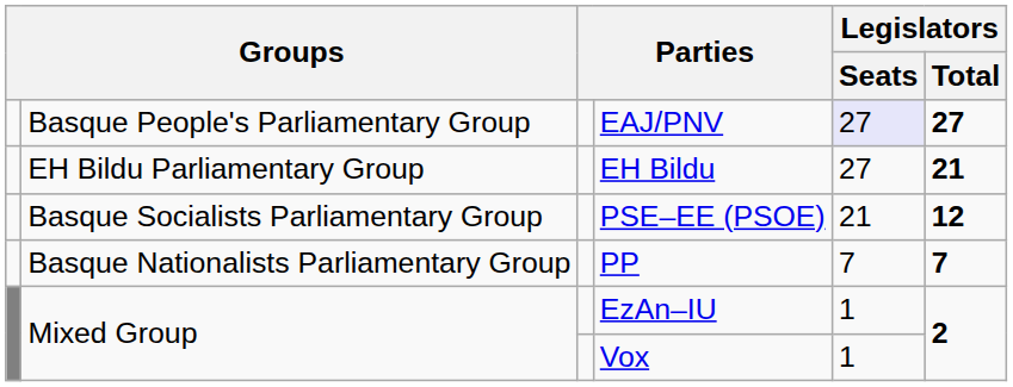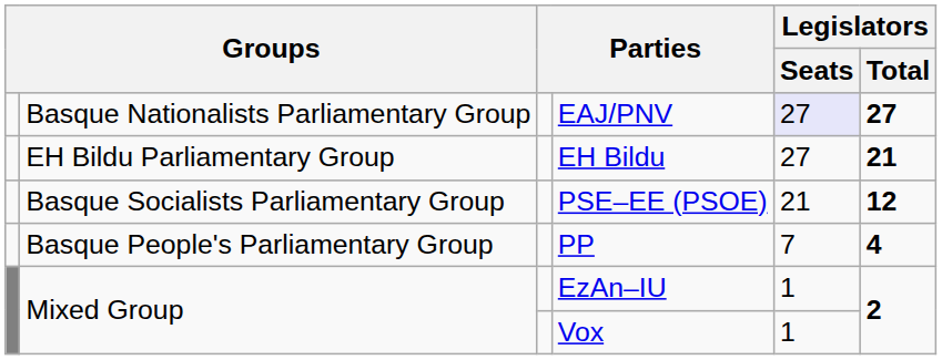 <table class="wikitable" style="text-align:left;">
 <tr>
 <th rowspan="2" colspan="2">Groups</th>
 <th rowspan="2" colspan="2">Parties</th>
 <th colspan="2">Legislators</th>
 </tr>
 <tr>
 <th>Seats</th>
 <th>Total</th>
 </tr>
 <tr>
 <td width="1" style="color:inherit;background:"></td>
-<td>Basque People's Parliamentary Group</td>
+<td>Basque Nationalists Parliamentary Group</td>
 <td width="1" style="color:inherit;background:"></td>
 <td><a href='#'>EAJ/PNV</a></td>
 <td style="background: lavender;">27</td>
 <td><strong>27</strong></td>
 </tr>
 <tr>
 <td style="color:inherit;background:"></td>
 <td>EH Bildu Parliamentary Group</td>
 <td style="color:inherit;background:"></td>
 <td><a href='#'>EH Bildu</a></td>
 <td>27</td>
 <td><strong>21</strong></td>
 </tr>
 <tr>
 <td style="color:inherit;background:"></td>
 <td>Basque Socialists Parliamentary Group</td>
 <td style="color:inherit;background:"></td>
 <td><a href='#'>PSE–EE (PSOE)</a></td>
 <td>21</td>
 <td><strong>12</strong></td>
 </tr>
 <tr>
 <td style="color:inherit;background:"></td>
-<td>Basque Nationalists Parliamentary Group</td>
+<td>Basque People's Parliamentary Group</td>
 <td style="color:inherit;background:"></td>
 <td><a href='#'>PP</a></td>
 <td>7</td>
-<td><strong>7</strong></td>
+<td><strong>4</strong></td>
 </tr>
 <tr>
 <td rowspan="2" bgcolor="gray"></td>
 <td rowspan="2">Mixed Group</td>
 <td style="color:inherit;background:"></td>
 <td><a href='#'>EzAn–IU</a></td>
 <td>1</td>
 <td rowspan="2"><strong>2</strong></td>
 </tr>
 <tr>
 <td style="color:inherit;background:"></td>
 <td><a href='#'>Vox</a></td>
 <td>1</td>
 </tr>
 </table>
